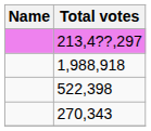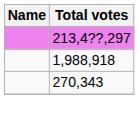 <table class="wikitable" style="width: auto">
 <tr>
 <th>Name</th>
 <th>Total votes</th>
 </tr>
 <tr style="background:violet">
 <td></td>
 <td>213,4??,297</td>
 </tr>
 <tr>
 <td></td>
 <td>1,988,918</td>
 </tr>
 <tr>
 <td></td>
-<td>522,398</td>
-</tr>
-<tr>
-<td></td>
 <td>270,343</td>
 </tr>
 <tr>
 </tr>
 </table>
